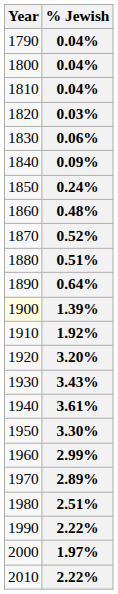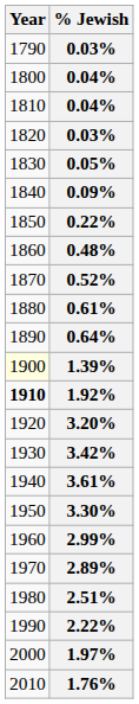 <table class="wikitable">
 <tr>
 <th>Year</th>
 <th>% Jewish<br></th>
 </tr>
 <tr>
 <td>1790</td>
-<th>0.04%</th>
+<th>0.03%</th>
 </tr>
 <tr>
 <td>1800</td>
 <th>0.04%</th>
 </tr>
 <tr>
 <td>1810</td>
 <th>0.04%</th>
 </tr>
 <tr>
 <td>1820</td>
 <th>0.03%</th>
 </tr>
 <tr>
 <td>1830</td>
-<th>0.06%</th>
+<th>0.05%</th>
 </tr>
 <tr>
 <td>1840</td>
 <th>0.09%</th>
 </tr>
 <tr>
 <td>1850</td>
-<th>0.24%</th>
+<th>0.22%</th>
 </tr>
 <tr>
 <td>1860</td>
 <th>0.48%</th>
 </tr>
 <tr>
 <td>1870</td>
 <th>0.52%</th>
 </tr>
 <tr>
 <td>1880</td>
-<th>0.51%</th>
+<th>0.61%</th>
 </tr>
 <tr>
 <td>1890</td>
 <th>0.64%</th>
 </tr>
 <tr>
 <td style="background: lightyellow;">1900</td>
 <th>1.39%</th>
 </tr>
 <tr>
-<td>1910</td>
+<td><strong>1910</strong></td>
 <th>1.92%</th>
 </tr>
 <tr>
 <td>1920</td>
 <th>3.20%</th>
 </tr>
 <tr>
 <td>1930</td>
-<th>3.43%</th>
+<th>3.42%</th>
 </tr>
 <tr>
 <td>1940</td>
 <th>3.61%</th>
 </tr>
 <tr>
 <td>1950</td>
 <th>3.30%</th>
 </tr>
 <tr>
 <td>1960</td>
 <th>2.99%</th>
 </tr>
 <tr>
 <td>1970</td>
 <th>2.89%</th>
 </tr>
 <tr>
 <td>1980</td>
 <th>2.51%</th>
 </tr>
 <tr>
 <td>1990</td>
 <th>2.22%</th>
 </tr>
 <tr>
 <td>2000</td>
 <th>1.97%</th>
 </tr>
 <tr>
 <td>2010</td>
-<th>2.22%</th>
+<th>1.76%</th>
 </tr>
 </table>
